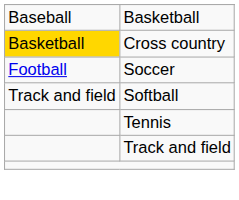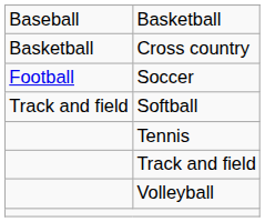 <table class="wikitable" style=" ">
 <tr>
 </tr>
 <tr>
 <td>Baseball</td>
 <td>Basketball</td>
 </tr>
 <tr>
-<td style="background: gold;">Basketball</td>
+<td>Basketball</td>
 <td>Cross country</td>
 </tr>
 <tr>
 <td><a href='#'>Football</a></td>
 <td>Soccer</td>
 </tr>
 <tr>
 <td>Track and field</td>
 <td>Softball</td>
 </tr>
 <tr>
 <td></td>
 <td>Tennis</td>
 </tr>
 <tr>
 <td></td>
 <td>Track and field</td>
 </tr>
 <tr>
+<td></td>
+<td>Volleyball</td>
+</tr>
+<tr>
 <td colspan="2"></td>
 </tr>
 </table>
